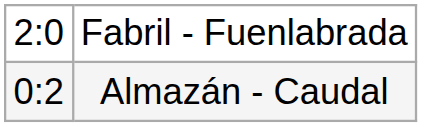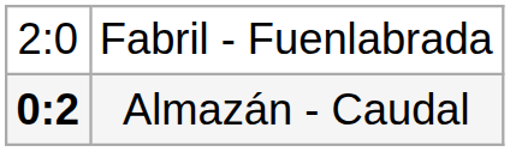 <table class="wikitable">
 <tr align=center bgcolor=white>
 <td>2:0</td>
 <td>Fabril - Fuenlabrada</td>
 </tr>
 <tr align=center bgcolor=#F5F5F5>
-<td>0:2</td>
+<td><strong>0:2</strong></td>
 <td>Almazán - Caudal</td>
 </tr>
 </table>
